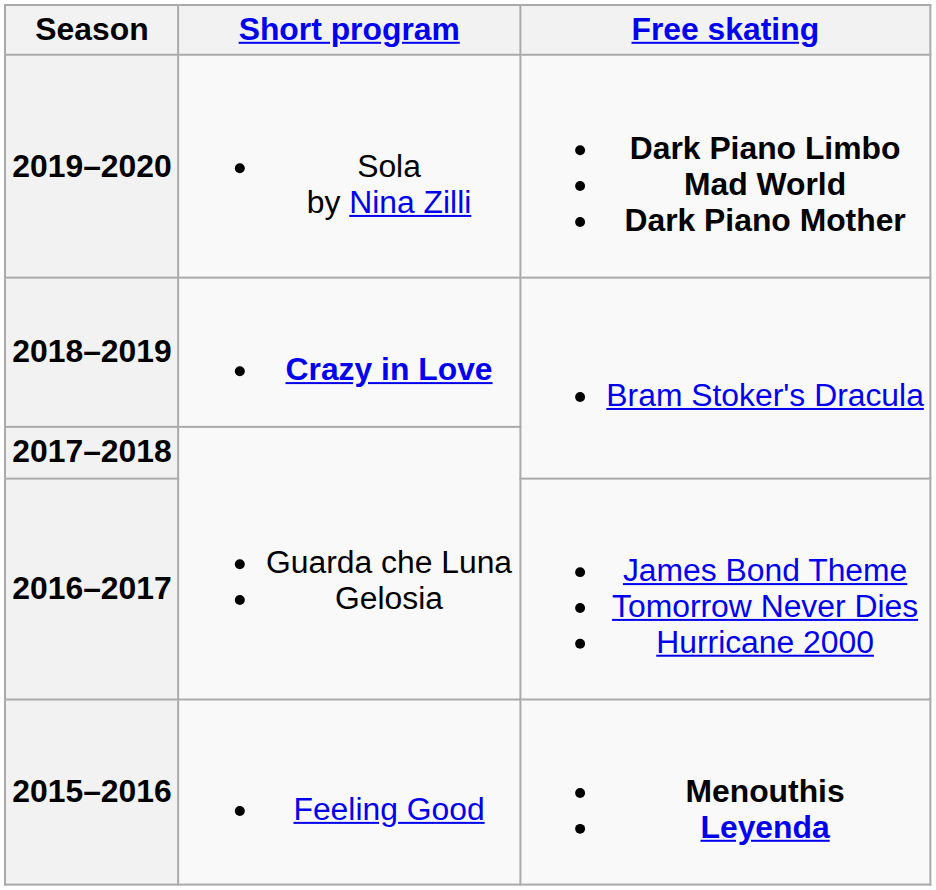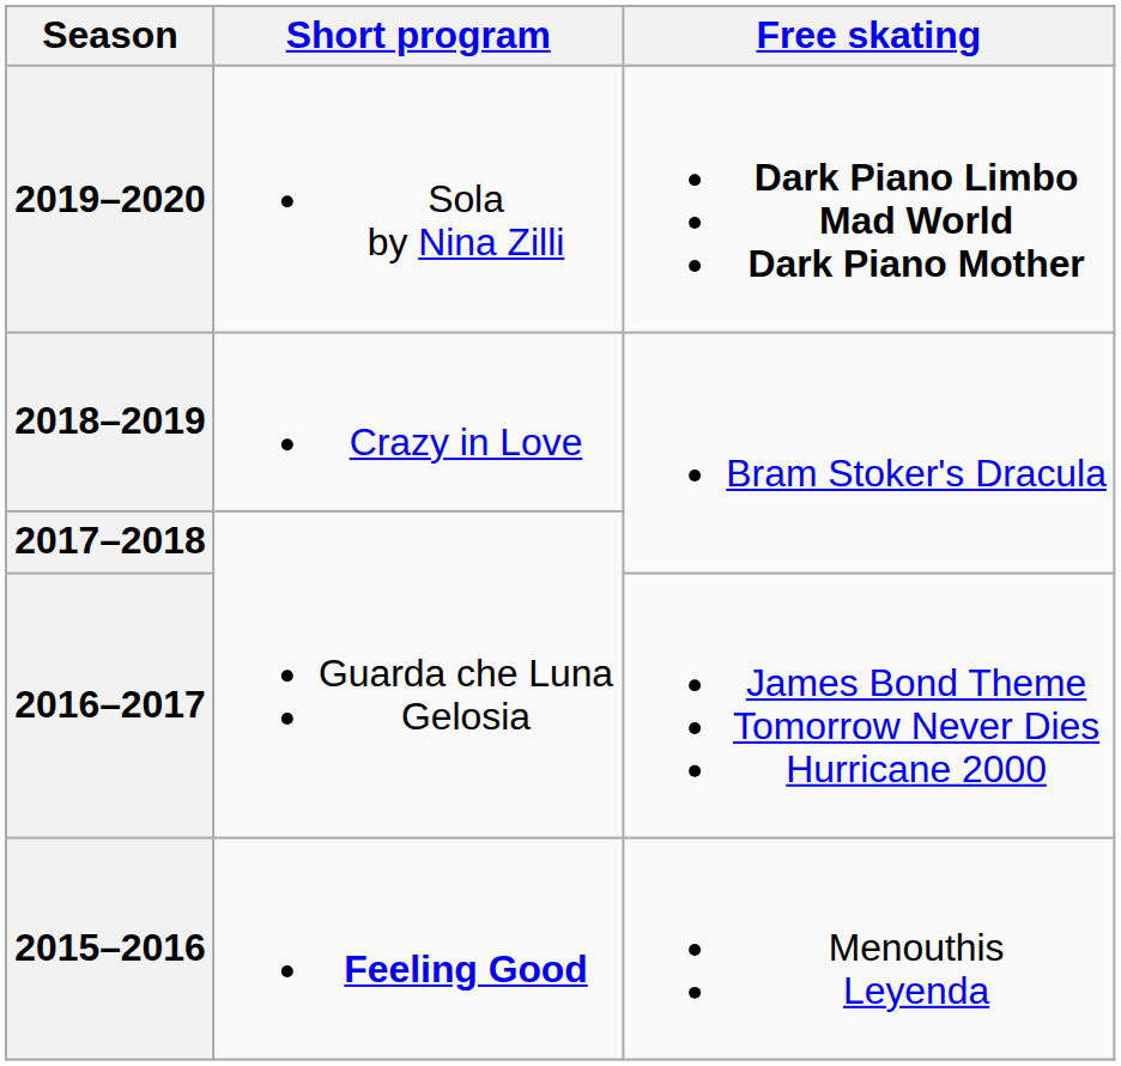 <table class=wikitable style=text-align:center>
 <tr>
 <th>Season</th>
 <th><a href='#'>Short program</a></th>
 <th><a href='#'>Free skating</a></th>
 </tr>
 <tr>
 <th>2019–2020 <br></th>
 <td><br><ul><li>Sola <br>by <a href='#'>Nina Zilli</a></li></ul></td>
 <td><strong><br><ul><li>Dark Piano Limbo <br></li><li>Mad World  <br></li><li>Dark Piano Mother  <br></li></ul></strong></td>
 </tr>
 <tr>
 <th>2018–2019 <br></th>
-<td><strong><br><ul><li><a href='#'>Crazy in Love</a> <br></li></ul></strong></td>
+<td><br><ul><li><a href='#'>Crazy in Love</a> <br></li></ul></td>
 <td rowspan=2><br><ul><li><a href='#'>Bram Stoker's Dracula</a> <br></li></ul></td>
 </tr>
 <tr>
 <th>2017–2018 <br></th>
 <td rowspan=2><br><ul><li>Guarda che Luna <br></li><li>Gelosia</li></ul></td>
 </tr>
 <tr>
 <th>2016–2017</th>
 <td><br><ul><li><a href='#'>James Bond Theme</a> <br></li><li><a href='#'>Tomorrow Never Dies</a> <br></li><li><a href='#'>Hurricane 2000</a> <br></li></ul></td>
 </tr>
 <tr>
 <th>2015–2016 <br> </th>
-<td><br><ul><li><a href='#'>Feeling Good</a> <br></li></ul></td>
-<td><strong><br><ul><li>Menouthis <br></li><li><a href='#'>Leyenda</a> <br></li></ul></strong></td>
+<td><strong><br><ul><li><a href='#'>Feeling Good</a> <br></li></ul></strong></td>
+<td><br><ul><li>Menouthis <br></li><li><a href='#'>Leyenda</a> <br></li></ul></td>
 </tr>
 </table>
